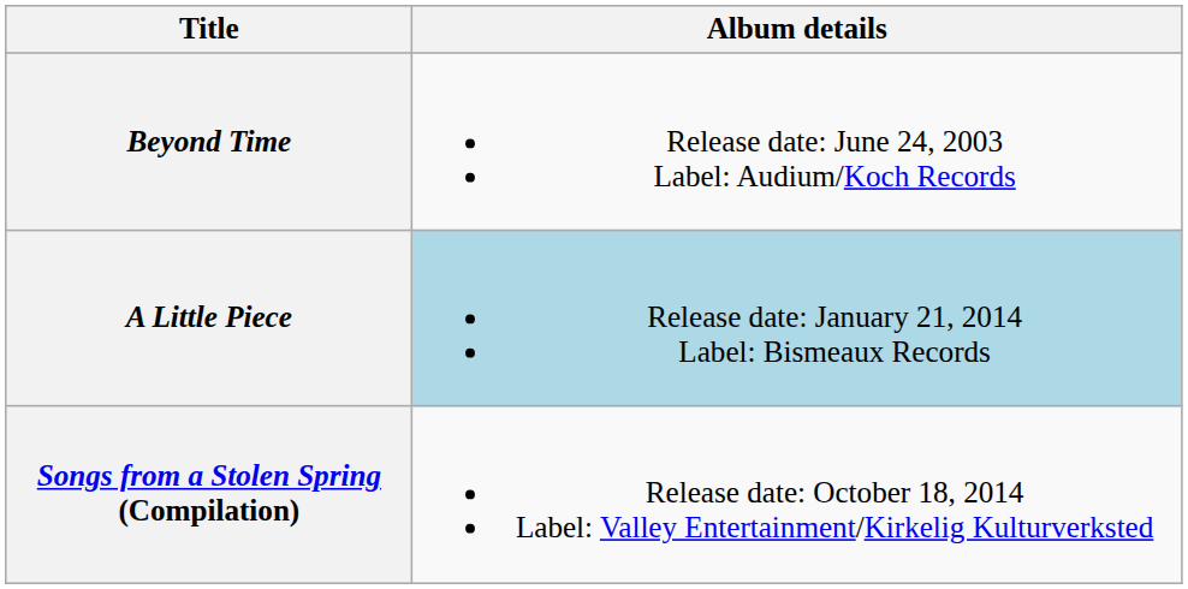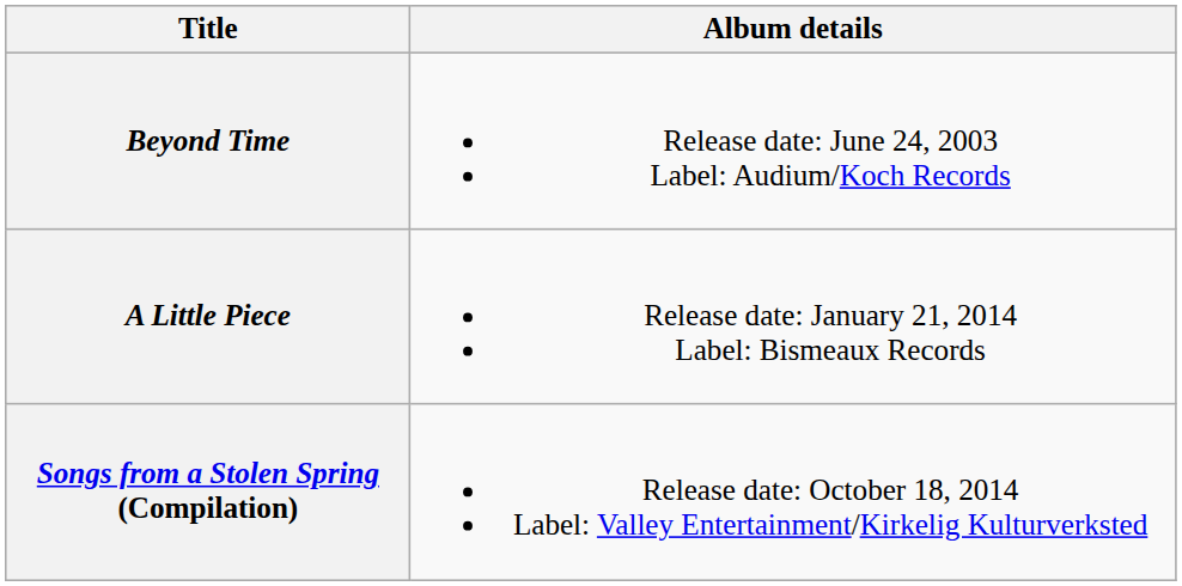 <table class="wikitable plainrowheaders" style="text-align:center;">
 <tr>
 <th style="width:13em;">Title</th>
 <th style="width:25em;">Album details</th>
 </tr>
 <tr>
 <th scope="row"><em>Beyond Time</em></th>
 <td><br><ul><li>Release date: June 24, 2003</li><li>Label: Audium/<a href='#'>Koch Records</a></li></ul></td>
 </tr>
 <tr>
 <th scope="row"><em>A Little Piece</em></th>
-<td style="background: lightblue;"><br><ul><li>Release date: January 21, 2014</li><li>Label: Bismeaux Records</li></ul></td>
+<td><br><ul><li>Release date: January 21, 2014</li><li>Label: Bismeaux Records</li></ul></td>
 </tr>
 <tr>
 <th scope="row"><em><a href='#'>Songs from a Stolen Spring</a></em> (Compilation)</th>
 <td><br><ul><li>Release date: October 18, 2014</li><li>Label: <a href='#'>Valley Entertainment</a>/<a href='#'>Kirkelig Kulturverksted</a></li></ul></td>
 </tr>
 </table>
